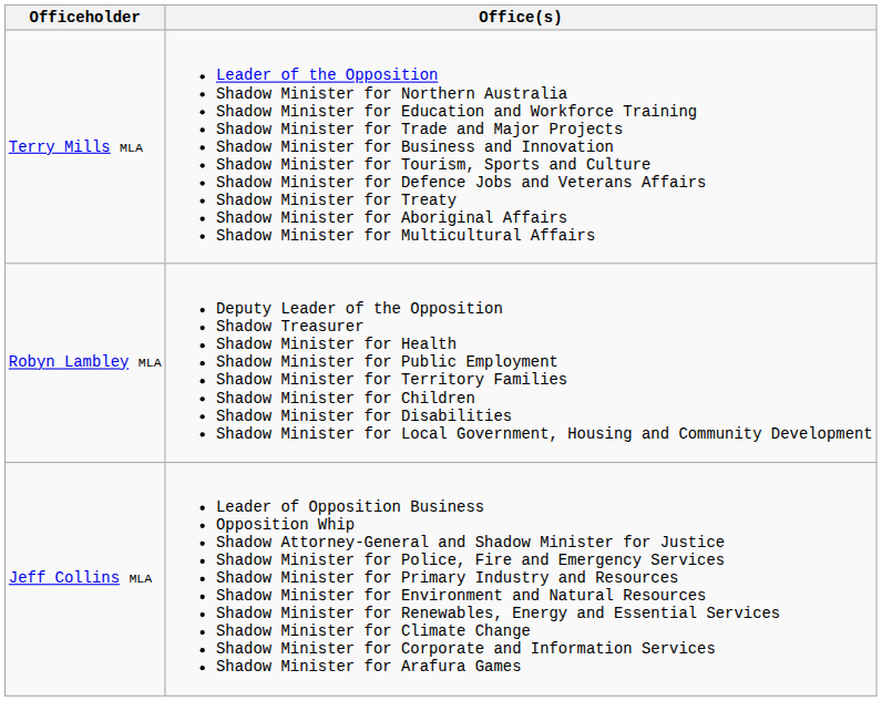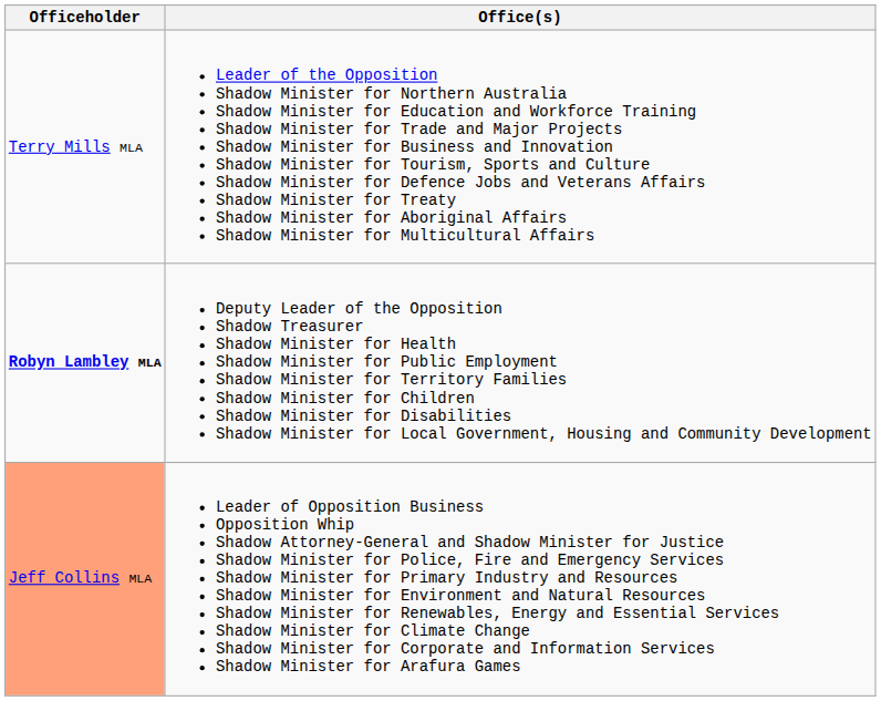 <table class="wikitable">
 <tr>
 <th>Officeholder</th>
 <th>Office(s)</th>
 </tr>
 <tr>
 <td><a href='#'>Terry Mills</a> <small>MLA</small></td>
 <td><br><ul><li><a href='#'>Leader of the Opposition</a></li><li>Shadow Minister for Northern Australia</li><li>Shadow Minister for Education and Workforce Training</li><li>Shadow Minister for Trade and Major Projects</li><li>Shadow Minister for Business and Innovation</li><li>Shadow Minister for Tourism, Sports and Culture</li><li>Shadow Minister for Defence Jobs and Veterans Affairs</li><li>Shadow Minister for Treaty</li><li>Shadow Minister for Aboriginal Affairs</li><li>Shadow Minister for Multicultural Affairs</li></ul></td>
 </tr>
 <tr>
-<td><a href='#'>Robyn Lambley</a> <small>MLA</small></td>
+<td><strong><a href='#'>Robyn Lambley</a> <small>MLA</small></strong></td>
 <td><br><ul><li>Deputy Leader of the Opposition</li><li>Shadow Treasurer</li><li>Shadow Minister for Health</li><li>Shadow Minister for Public Employment</li><li>Shadow Minister for Territory Families</li><li>Shadow Minister for Children</li><li>Shadow Minister for Disabilities</li><li>Shadow Minister for Local Government, Housing and Community Development</li></ul></td>
 </tr>
 <tr>
-<td><a href='#'>Jeff Collins</a> <small>MLA</small></td>
+<td style="background: lightsalmon;"><a href='#'>Jeff Collins</a> <small>MLA</small></td>
 <td><br><ul><li>Leader of Opposition Business</li><li>Opposition Whip</li><li>Shadow Attorney-General and Shadow Minister for Justice</li><li>Shadow Minister for Police, Fire and Emergency Services</li><li>Shadow Minister for Primary Industry and Resources</li><li>Shadow Minister for Environment and Natural Resources</li><li>Shadow Minister for Renewables, Energy and Essential Services</li><li>Shadow Minister for Climate Change</li><li>Shadow Minister for Corporate and Information Services</li><li>Shadow Minister for Arafura Games</li></ul></td>
 </tr>
 </table>
